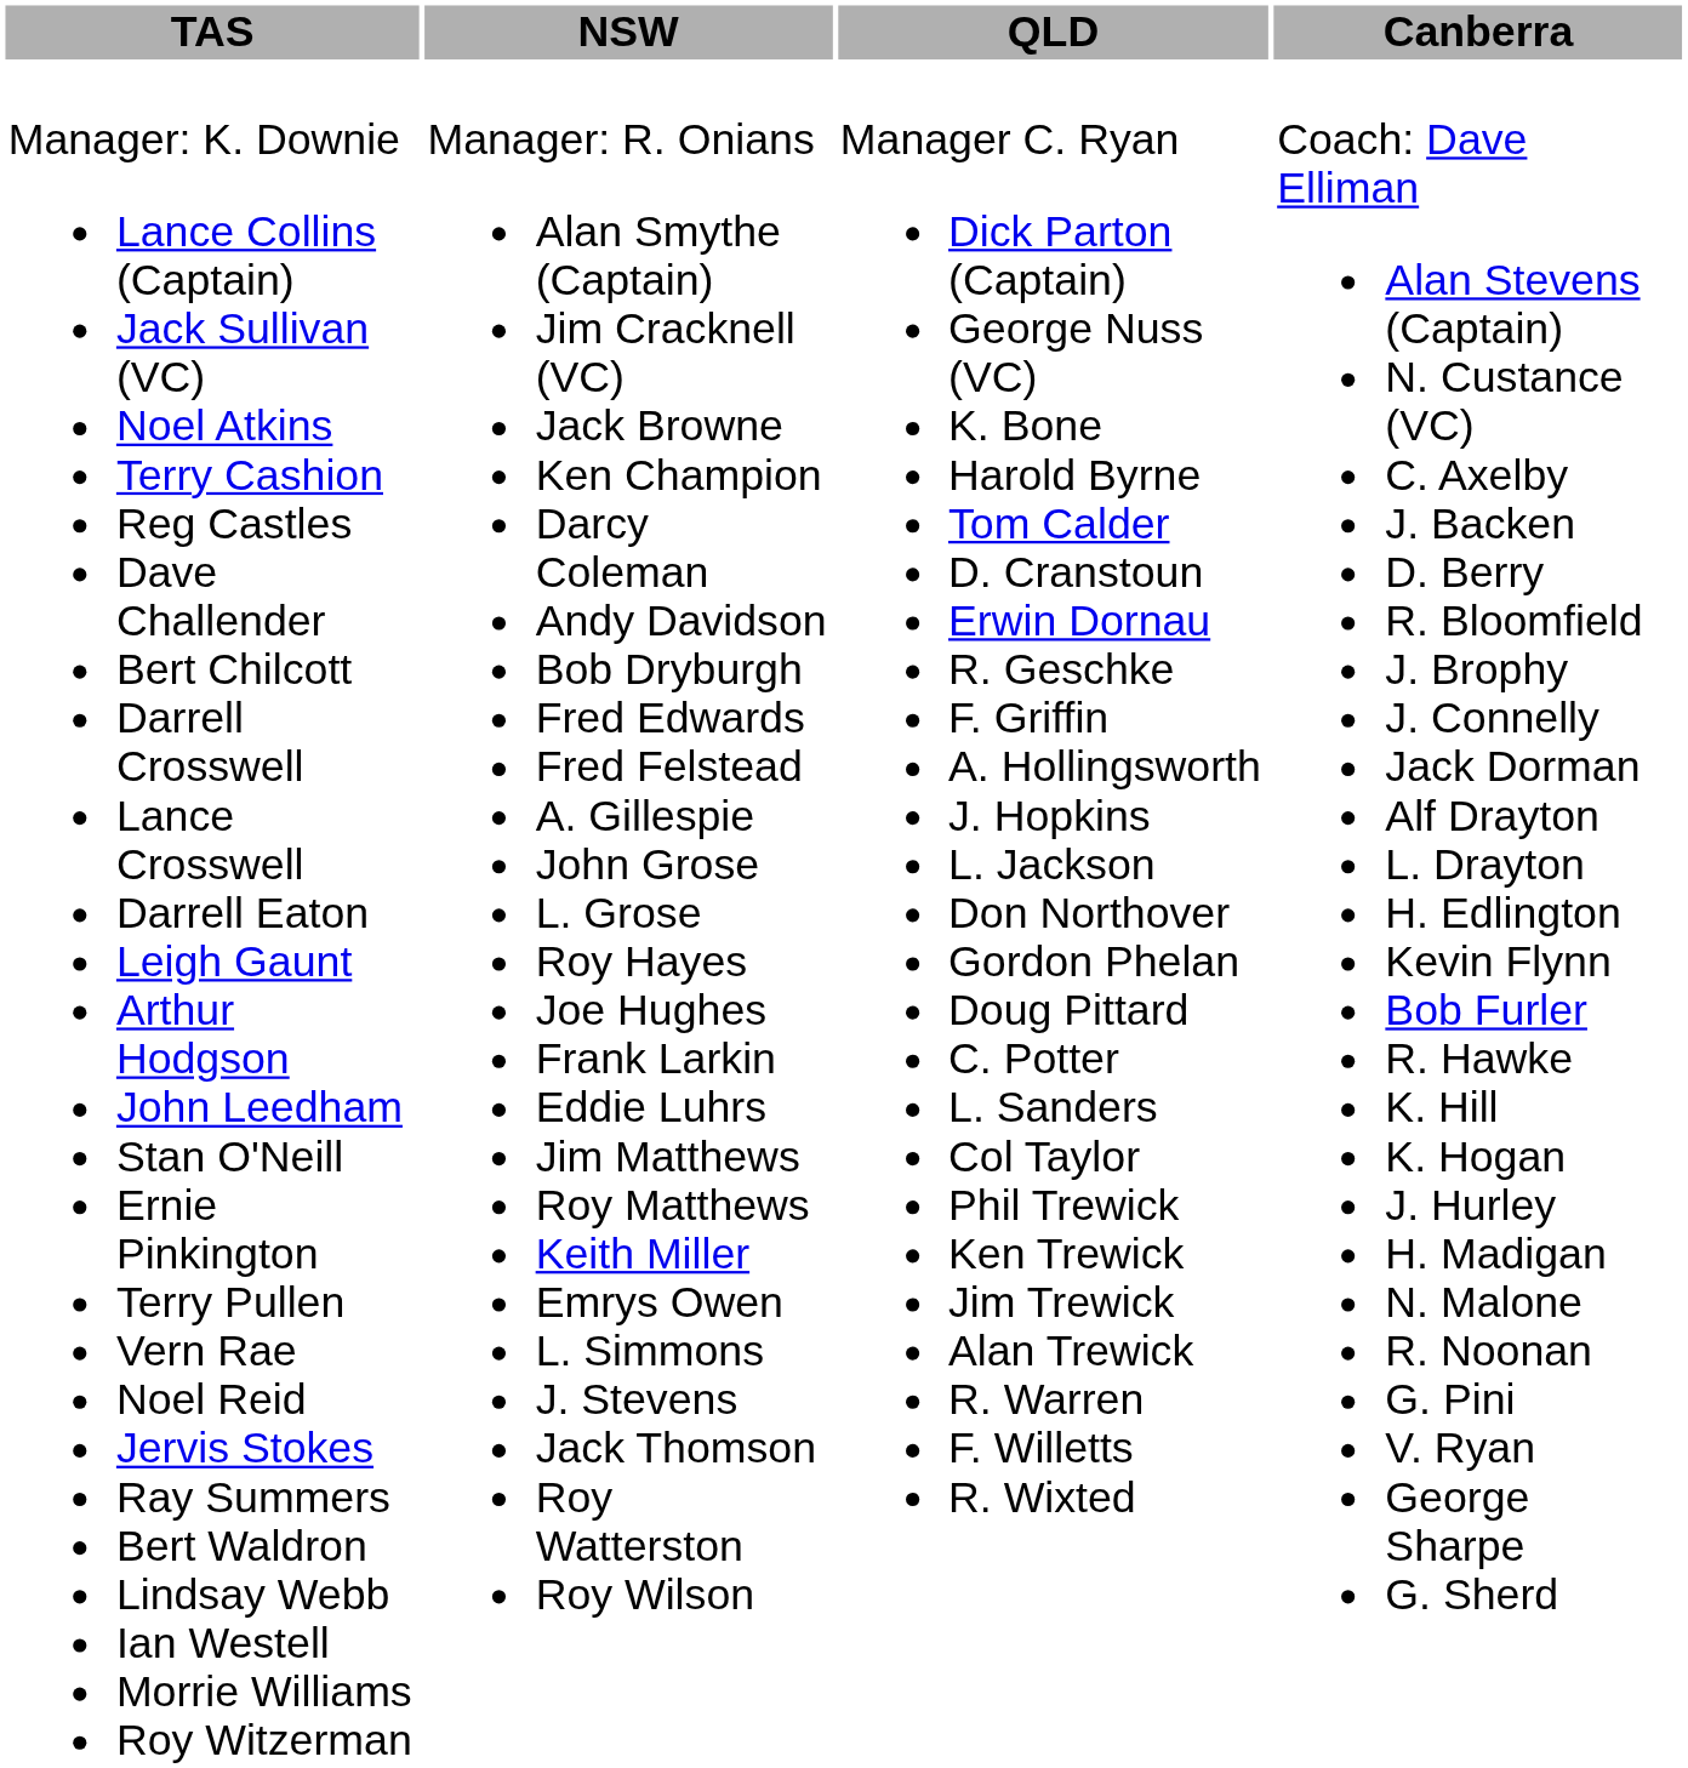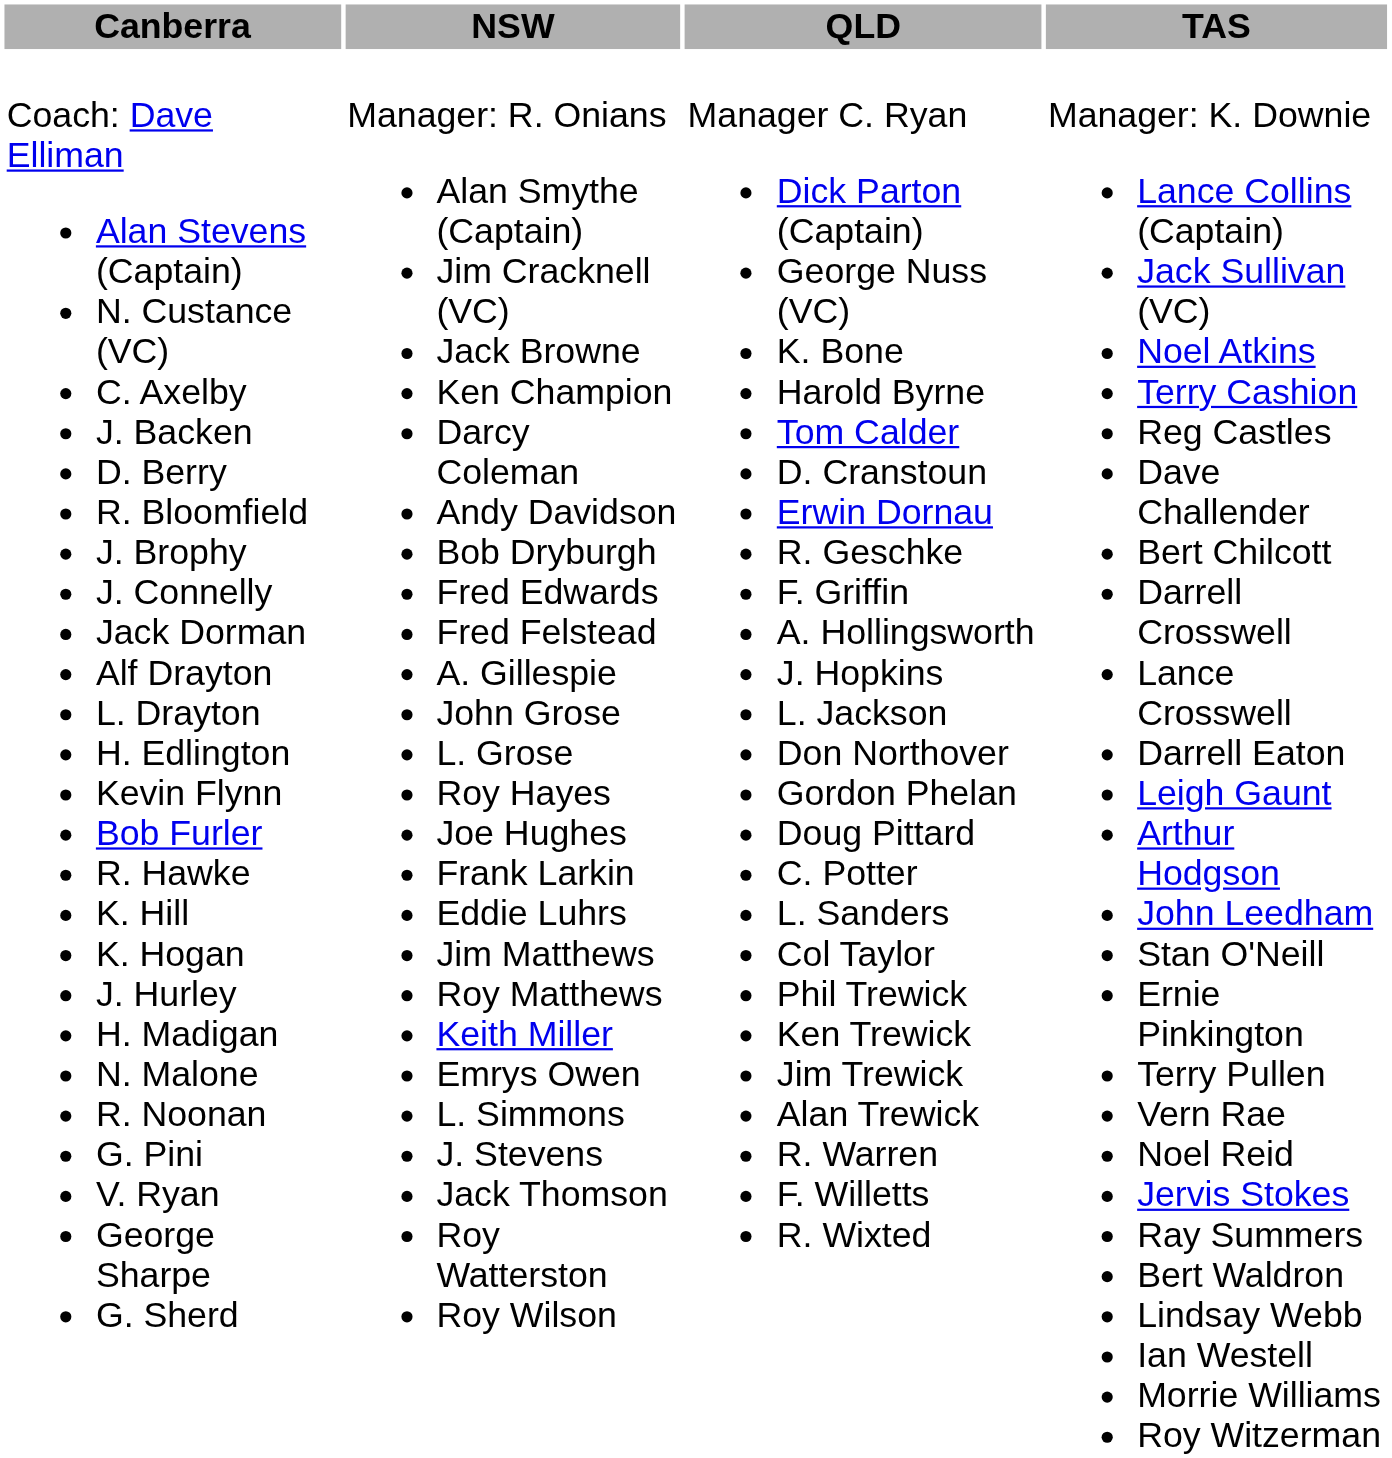 <table>
 <tr bgcolor="#B0B0B0">
-<th><span>TAS</span></th>
+<th><span>Canberra</span></th>
 <th><span>NSW</span></th>
 <th><span>QLD</span></th>
-<th><span>Canberra</span></th>
+<th><span>TAS</span></th>
 </tr>
 <tr valign="top">
-<td><br>Manager: K. Downie<ul><li><a href='#'>Lance Collins</a> (Captain)</li><li><a href='#'>Jack Sullivan</a> (VC)</li><li><a href='#'>Noel Atkins</a></li><li><a href='#'>Terry Cashion</a></li><li>Reg Castles</li><li>Dave Challender</li><li>Bert Chilcott</li><li>Darrell Crosswell</li><li>Lance Crosswell</li><li>Darrell Eaton</li><li><a href='#'>Leigh Gaunt</a></li><li><a href='#'>Arthur Hodgson</a></li><li><a href='#'>John Leedham</a></li><li>Stan O'Neill</li><li>Ernie Pinkington</li><li>Terry Pullen</li><li>Vern Rae</li><li>Noel Reid</li><li><a href='#'>Jervis Stokes</a></li><li>Ray Summers</li><li>Bert Waldron</li><li>Lindsay Webb</li><li>Ian Westell</li><li>Morrie Williams</li><li>Roy Witzerman</li></ul></td>
+<td><br>Coach: <a href='#'>Dave Elliman</a><ul><li><a href='#'>Alan Stevens</a> (Captain)</li><li>N. Custance (VC)</li><li>C. Axelby</li><li>J. Backen</li><li>D. Berry</li><li>R. Bloomfield</li><li>J. Brophy</li><li>J. Connelly</li><li>Jack Dorman</li><li>Alf Drayton</li><li>L. Drayton</li><li>H. Edlington</li><li>Kevin Flynn</li><li><a href='#'>Bob Furler</a></li><li>R. Hawke</li><li>K. Hill</li><li>K. Hogan</li><li>J. Hurley</li><li>H. Madigan</li><li>N. Malone</li><li>R. Noonan</li><li>G. Pini</li><li>V. Ryan</li><li>George Sharpe</li><li>G. Sherd</li></ul></td>
 <td><br>Manager: R. Onians<ul><li>Alan Smythe (Captain)</li><li>Jim Cracknell (VC)</li><li>Jack Browne</li><li>Ken Champion</li><li>Darcy Coleman</li><li>Andy Davidson</li><li>Bob Dryburgh</li><li>Fred Edwards</li><li>Fred Felstead</li><li>A. Gillespie</li><li>John Grose</li><li>L. Grose</li><li>Roy Hayes</li><li>Joe Hughes</li><li>Frank Larkin</li><li>Eddie Luhrs</li><li>Jim Matthews</li><li>Roy Matthews</li><li><a href='#'>Keith Miller</a></li><li>Emrys Owen</li><li>L. Simmons</li><li>J. Stevens</li><li>Jack Thomson</li><li>Roy Watterston</li><li>Roy Wilson</li></ul></td>
 <td><br>Manager C. Ryan<ul><li><a href='#'>Dick Parton</a> (Captain)</li><li>George Nuss (VC)</li><li>K. Bone</li><li>Harold Byrne</li><li><a href='#'>Tom Calder</a></li><li>D. Cranstoun</li><li><a href='#'>Erwin Dornau</a></li><li>R. Geschke</li><li>F. Griffin</li><li>A. Hollingsworth</li><li>J. Hopkins</li><li>L. Jackson</li><li>Don Northover</li><li>Gordon Phelan</li><li>Doug Pittard</li><li>C. Potter</li><li>L. Sanders</li><li>Col Taylor</li><li>Phil Trewick</li><li>Ken Trewick</li><li>Jim Trewick</li><li>Alan Trewick</li><li>R. Warren</li><li>F. Willetts</li><li>R. Wixted</li></ul></td>
-<td><br>Coach: <a href='#'>Dave Elliman</a><ul><li><a href='#'>Alan Stevens</a> (Captain)</li><li>N. Custance (VC)</li><li>C. Axelby</li><li>J. Backen</li><li>D. Berry</li><li>R. Bloomfield</li><li>J. Brophy</li><li>J. Connelly</li><li>Jack Dorman</li><li>Alf Drayton</li><li>L. Drayton</li><li>H. Edlington</li><li>Kevin Flynn</li><li><a href='#'>Bob Furler</a></li><li>R. Hawke</li><li>K. Hill</li><li>K. Hogan</li><li>J. Hurley</li><li>H. Madigan</li><li>N. Malone</li><li>R. Noonan</li><li>G. Pini</li><li>V. Ryan</li><li>George Sharpe</li><li>G. Sherd</li></ul></td>
+<td><br>Manager: K. Downie<ul><li><a href='#'>Lance Collins</a> (Captain)</li><li><a href='#'>Jack Sullivan</a> (VC)</li><li><a href='#'>Noel Atkins</a></li><li><a href='#'>Terry Cashion</a></li><li>Reg Castles</li><li>Dave Challender</li><li>Bert Chilcott</li><li>Darrell Crosswell</li><li>Lance Crosswell</li><li>Darrell Eaton</li><li><a href='#'>Leigh Gaunt</a></li><li><a href='#'>Arthur Hodgson</a></li><li><a href='#'>John Leedham</a></li><li>Stan O'Neill</li><li>Ernie Pinkington</li><li>Terry Pullen</li><li>Vern Rae</li><li>Noel Reid</li><li><a href='#'>Jervis Stokes</a></li><li>Ray Summers</li><li>Bert Waldron</li><li>Lindsay Webb</li><li>Ian Westell</li><li>Morrie Williams</li><li>Roy Witzerman</li></ul></td>
 </tr>
 </table>
